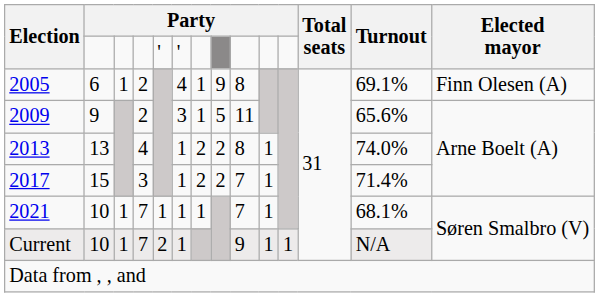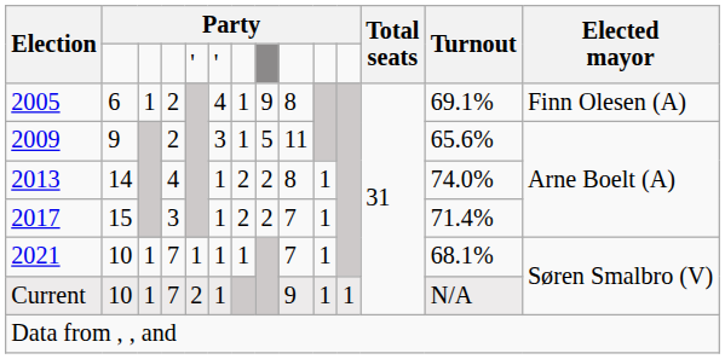 <table class="wikitable">
 <tr>
 <th rowspan="2">Election</th>
 <th colspan="10">Party</th>
 <th rowspan="2">Total<br>seats</th>
 <th rowspan="2">Turnout</th>
 <th rowspan="2">Elected<br>mayor</th>
 </tr>
 <tr>
 <td style="background:"><strong><a href='#'></a></strong></td>
 <td style="background:"><strong><a href='#'></a></strong></td>
 <td style="background:"><strong><a href='#'></a></strong></td>
 <td style="background:"><strong><a href='#'></a></strong>'</td>
 <td style="background:"><strong><a href='#'></a></strong>'</td>
 <td style="background:"><strong><a href='#'></a></strong></td>
 <td style="background:#8B8989;"><strong></strong></td>
 <td style="background:"><strong><a href='#'></a></strong></td>
 <td style="background:"><strong><a href='#'></a></strong></td>
 <td style="background:"><strong><a href='#'></a></strong></td>
 </tr>
 <tr>
 <td><a href='#'>2005</a></td>
 <td>6</td>
 <td>1</td>
 <td>2</td>
 <td style="background:#CDC9C9;" rowspan="4"></td>
 <td>4</td>
 <td>1</td>
 <td>9</td>
 <td>8</td>
 <td style="background:#CDC9C9;" rowspan="2"></td>
 <td style="background:#CDC9C9;" rowspan="5"></td>
 <td rowspan="6">31</td>
 <td>69.1%</td>
 <td>Finn Olesen (A)</td>
 </tr>
 <tr>
 <td><a href='#'>2009</a></td>
 <td>9</td>
 <td style="background:#CDC9C9;" rowspan="3"></td>
 <td>2</td>
 <td>3</td>
 <td>1</td>
 <td>5</td>
 <td>11</td>
 <td>65.6%</td>
 <td rowspan="3">Arne Boelt (A)</td>
 </tr>
 <tr>
 <td><a href='#'>2013</a></td>
-<td>13</td>
+<td>14</td>
 <td>4</td>
 <td>1</td>
 <td>2</td>
 <td>2</td>
 <td>8</td>
 <td>1</td>
 <td>74.0%</td>
 </tr>
 <tr>
 <td><a href='#'>2017</a></td>
 <td>15</td>
 <td>3</td>
 <td>1</td>
 <td>2</td>
 <td>2</td>
 <td>7</td>
 <td>1</td>
 <td>71.4%</td>
 </tr>
 <tr>
 <td><a href='#'>2021</a></td>
 <td>10</td>
 <td>1</td>
 <td>7</td>
 <td>1</td>
 <td>1</td>
 <td>1</td>
 <td style="background:#CDC9C9;" rowspan="2"></td>
 <td>7</td>
 <td>1</td>
 <td>68.1%</td>
 <td rowspan="2">Søren Smalbro (V)</td>
 </tr>
 <tr style="background:#edebeb;">
 <td>Current</td>
 <td>10</td>
 <td>1</td>
 <td>7</td>
 <td>2</td>
 <td>1</td>
 <td style="background:#CDC9C9;"></td>
 <td>9</td>
 <td>1</td>
 <td>1</td>
 <td>N/A</td>
 </tr>
 <tr>
 <td colspan="14">Data from , ,  and </td>
 </tr>
 </table>
